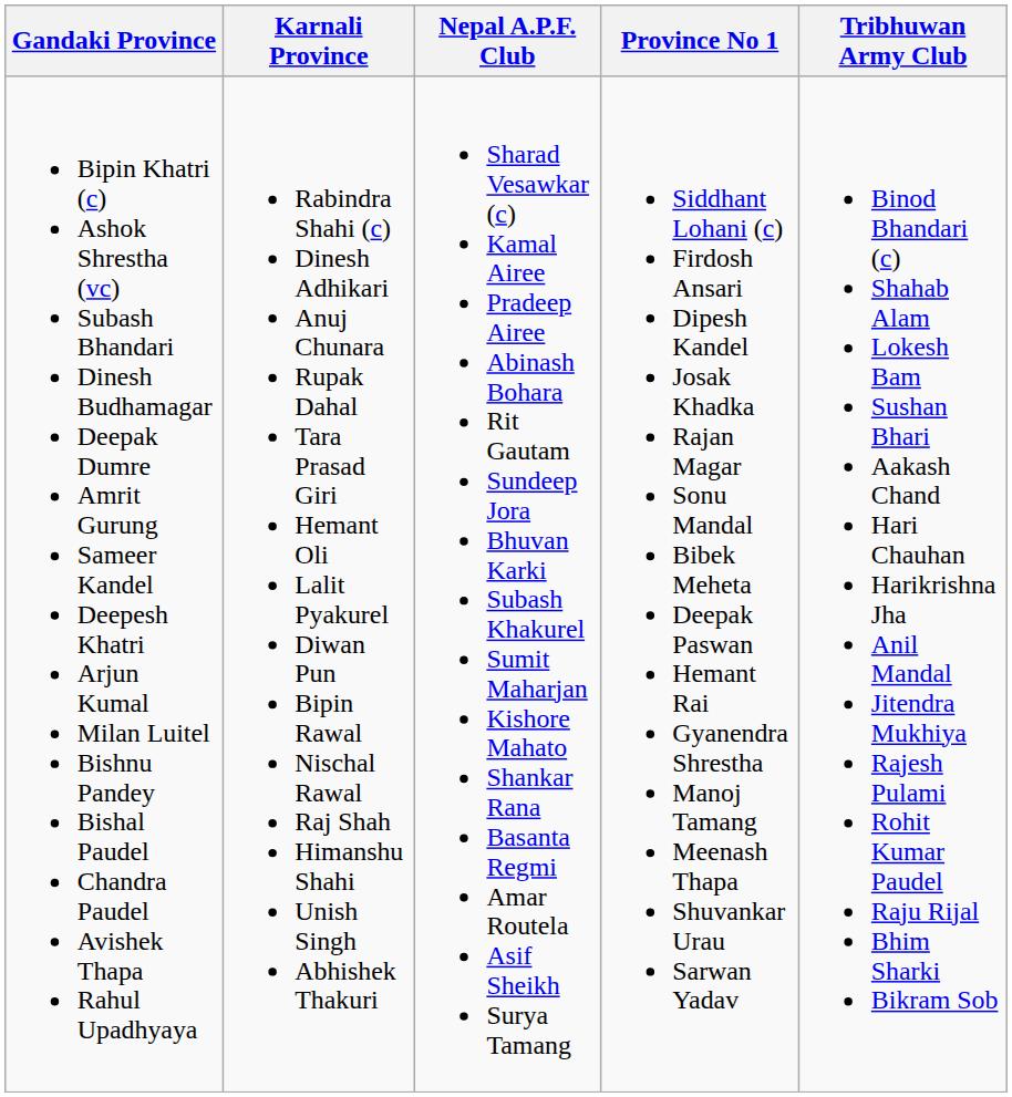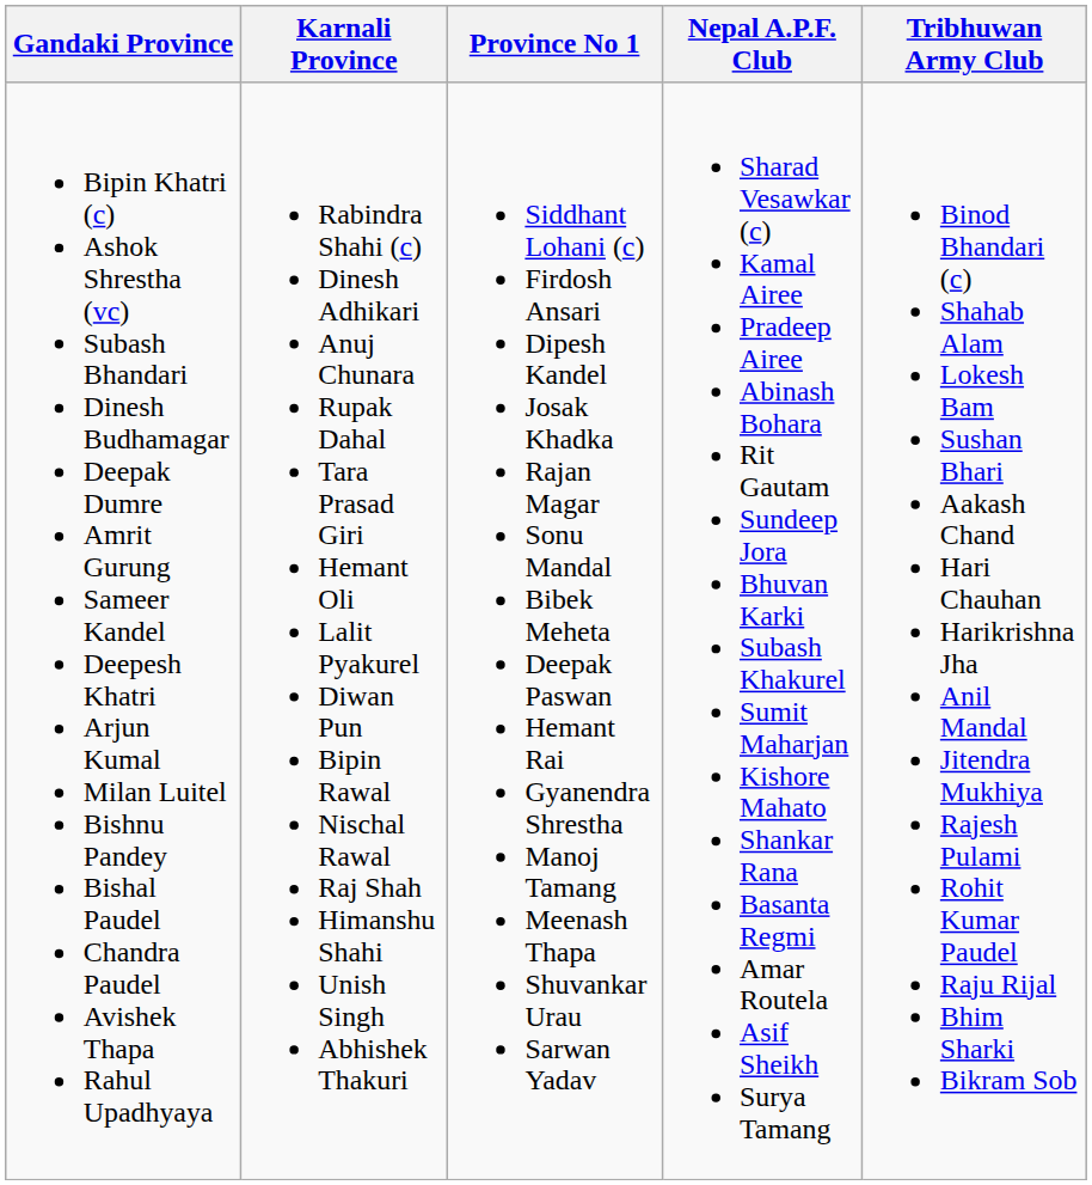 <table class="wikitable">
 <tr>
 <th width="250px"><a href='#'> Gandaki Province</a></th>
 <th width="250px"><a href='#'>Karnali Province</a></th>
+<th width="250px"><a href='#'>Province No 1</a></th>
 <th width="250px"><a href='#'>Nepal A.P.F. Club</a></th>
-<th width="250px"><a href='#'>Province No 1</a></th>
 <th width="250px"><a href='#'>Tribhuwan Army Club</a></th>
 </tr>
 <tr>
 <td><br><ul><li>Bipin Khatri (<a href='#'>c</a>)</li><li>Ashok Shrestha (<a href='#'>vc</a>)</li><li>Subash Bhandari</li><li>Dinesh Budhamagar</li><li>Deepak Dumre</li><li>Amrit Gurung</li><li>Sameer Kandel</li><li>Deepesh Khatri</li><li>Arjun Kumal</li><li>Milan Luitel</li><li>Bishnu Pandey</li><li>Bishal Paudel</li><li>Chandra Paudel</li><li>Avishek Thapa</li><li>Rahul Upadhyaya</li></ul></td>
 <td><br><ul><li>Rabindra Shahi (<a href='#'>c</a>)</li><li>Dinesh Adhikari</li><li>Anuj Chunara</li><li>Rupak Dahal</li><li>Tara Prasad Giri</li><li>Hemant Oli</li><li>Lalit Pyakurel</li><li>Diwan Pun</li><li>Bipin Rawal</li><li>Nischal Rawal</li><li>Raj Shah</li><li>Himanshu Shahi</li><li>Unish Singh</li><li>Abhishek Thakuri</li></ul></td>
+<td><br><ul><li><a href='#'>Siddhant Lohani</a> (<a href='#'>c</a>)</li><li>Firdosh Ansari</li><li>Dipesh Kandel</li><li>Josak Khadka</li><li>Rajan Magar</li><li>Sonu Mandal</li><li>Bibek Meheta</li><li>Deepak Paswan</li><li>Hemant Rai</li><li>Gyanendra Shrestha</li><li>Manoj Tamang</li><li>Meenash Thapa</li><li>Shuvankar Urau</li><li>Sarwan Yadav</li></ul></td>
 <td><br><ul><li><a href='#'>Sharad Vesawkar</a> (<a href='#'>c</a>)</li><li><a href='#'>Kamal Airee</a></li><li><a href='#'>Pradeep Airee</a></li><li><a href='#'>Abinash Bohara</a></li><li>Rit Gautam</li><li><a href='#'>Sundeep Jora</a></li><li><a href='#'>Bhuvan Karki</a></li><li><a href='#'>Subash Khakurel</a></li><li><a href='#'>Sumit Maharjan</a></li><li><a href='#'>Kishore Mahato</a></li><li><a href='#'>Shankar Rana</a></li><li><a href='#'>Basanta Regmi</a></li><li>Amar Routela</li><li><a href='#'>Asif Sheikh</a></li><li>Surya Tamang</li></ul></td>
-<td><br><ul><li><a href='#'>Siddhant Lohani</a> (<a href='#'>c</a>)</li><li>Firdosh Ansari</li><li>Dipesh Kandel</li><li>Josak Khadka</li><li>Rajan Magar</li><li>Sonu Mandal</li><li>Bibek Meheta</li><li>Deepak Paswan</li><li>Hemant Rai</li><li>Gyanendra Shrestha</li><li>Manoj Tamang</li><li>Meenash Thapa</li><li>Shuvankar Urau</li><li>Sarwan Yadav</li></ul></td>
 <td><br><ul><li><a href='#'>Binod Bhandari</a> (<a href='#'>c</a>)</li><li><a href='#'>Shahab Alam</a></li><li><a href='#'>Lokesh Bam</a></li><li><a href='#'>Sushan Bhari</a></li><li>Aakash Chand</li><li>Hari Chauhan</li><li>Harikrishna Jha</li><li><a href='#'>Anil Mandal</a></li><li><a href='#'>Jitendra Mukhiya</a></li><li><a href='#'>Rajesh Pulami</a></li><li><a href='#'>Rohit Kumar Paudel</a></li><li><a href='#'>Raju Rijal</a></li><li><a href='#'>Bhim Sharki</a></li><li><a href='#'>Bikram Sob</a></li></ul></td>
 </tr>
 </table>
